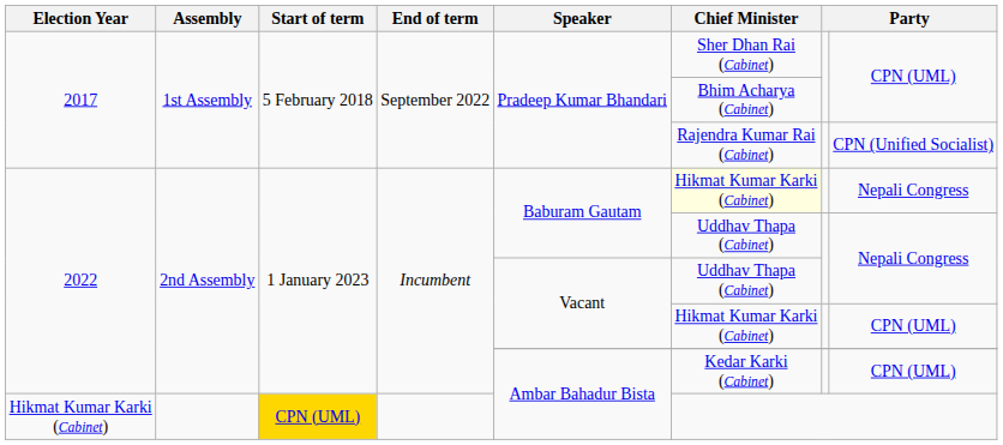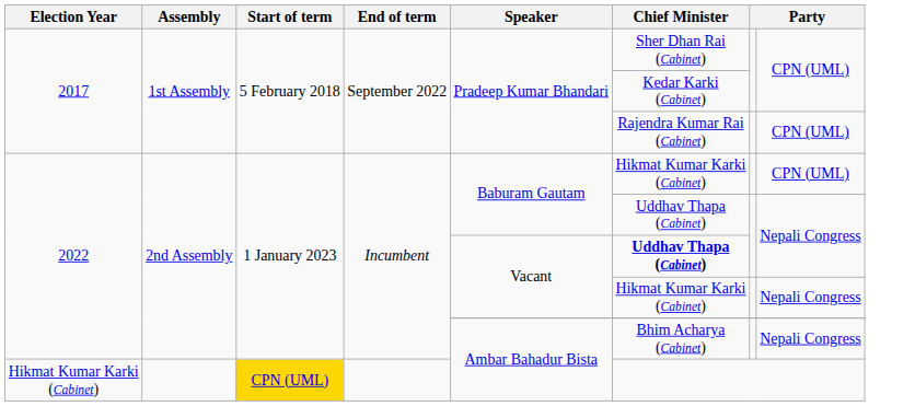 <table class="wikitable" style="text-align:center">
 <tr>
 <th>Election Year</th>
 <th>Assembly</th>
 <th>Start of term</th>
 <th>End of term</th>
 <th>Speaker</th>
 <th>Chief Minister</th>
 <th colspan="2">Party</th>
 </tr>
 <tr>
 <td rowspan="3"><a href='#'>2017</a></td>
 <td rowspan="3"><a href='#'>1st Assembly</a></td>
 <td rowspan="3">5 February 2018</td>
 <td rowspan="3">September 2022</td>
 <td rowspan="3"><a href='#'>Pradeep Kumar Bhandari</a></td>
 <td><a href='#'>Sher Dhan Rai</a><br>(<small><em><a href='#'>Cabinet</a></em></small>)</td>
 <td rowspan="2"></td>
 <td rowspan="2"><a href='#'>CPN (UML)</a></td>
 </tr>
 <tr>
-<td><a href='#'>Bhim Acharya</a><br>(<small><em><a href='#'>Cabinet</a></em></small>)</td>
+<td><a href='#'>Kedar Karki</a><br>(<small><em><a href='#'>Cabinet</a></em></small>)</td>
 </tr>
 <tr>
 <td><a href='#'>Rajendra Kumar Rai</a><br>(<small><em><a href='#'>Cabinet</a></em></small>)</td>
 <td></td>
-<td><a href='#'>CPN (Unified Socialist)</a></td>
+<td><a href='#'>CPN (UML)</a></td>
 </tr>
 <tr>
 <td rowspan="6"><a href='#'>2022</a></td>
 <td rowspan="6"><a href='#'>2nd Assembly</a></td>
 <td rowspan="6">1 January 2023</td>
 <td rowspan="6"><em>Incumbent</em></td>
 <td rowspan="2"><a href='#'>Baburam Gautam</a></td>
-<td style="background: lightyellow;"><a href='#'>Hikmat Kumar Karki</a><br>(<small><em><a href='#'>Cabinet</a></em></small>)</td>
+<td><a href='#'>Hikmat Kumar Karki</a><br>(<small><em><a href='#'>Cabinet</a></em></small>)</td>
 <td></td>
-<td><a href='#'>Nepali Congress</a></td>
+<td><a href='#'>CPN (UML)</a></td>
 </tr>
 <tr>
 <td><a href='#'>Uddhav Thapa</a><br>(<small><em><a href='#'>Cabinet</a></em></small>)</td>
 <td rowspan="2"></td>
 <td rowspan="2"><a href='#'>Nepali Congress</a></td>
 </tr>
 <tr>
 <td rowspan="2">Vacant</td>
-<td><a href='#'>Uddhav Thapa</a><br> (<small><em><a href='#'>Cabinet</a></em></small>)</td>
+<td><strong><a href='#'>Uddhav Thapa</a><br> (<small><em><a href='#'>Cabinet</a></em></small>)</strong></td>
 </tr>
 <tr>
 <td><a href='#'>Hikmat Kumar Karki</a><br>(<small><em><a href='#'>Cabinet</a></em></small>)</td>
 <td></td>
-<td><a href='#'>CPN (UML)</a></td>
+<td><a href='#'>Nepali Congress</a></td>
 </tr>
 <tr>
 </tr>
 <tr>
 <td rowspan="2"><a href='#'>Ambar Bahadur Bista</a></td>
-<td><a href='#'>Kedar Karki</a><br>(<small><em><a href='#'>Cabinet</a></em></small>)</td>
+<td><a href='#'>Bhim Acharya</a><br>(<small><em><a href='#'>Cabinet</a></em></small>)</td>
 <td></td>
-<td><a href='#'>CPN (UML)</a></td>
+<td><a href='#'>Nepali Congress</a></td>
 </tr>
 <tr>
 <td><a href='#'>Hikmat Kumar Karki</a><br>(<small><em><a href='#'>Cabinet</a></em></small>)</td>
 <td></td>
 <td style="background: gold;"><a href='#'>CPN (UML)</a></td>
 </tr>
 </table>
